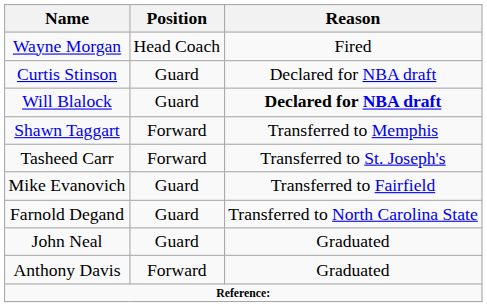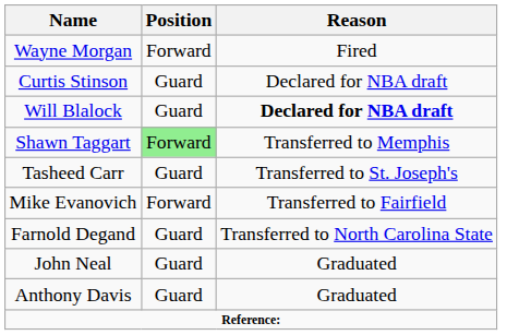 <table class="wikitable" style="text-align: center">
 <tr align=center>
 <th>Name</th>
 <th>Position</th>
 <th>Reason</th>
 </tr>
 <tr>
 <td><a href='#'>Wayne Morgan</a></td>
-<td>Head Coach</td>
+<td>Forward</td>
 <td>Fired</td>
 </tr>
 <tr>
 <td><a href='#'>Curtis Stinson</a></td>
 <td>Guard</td>
 <td>Declared for <a href='#'>NBA draft</a></td>
 </tr>
 <tr>
 <td><a href='#'>Will Blalock</a></td>
 <td>Guard</td>
 <td><strong>Declared for <a href='#'>NBA draft</a></strong></td>
 </tr>
 <tr>
 <td><a href='#'>Shawn Taggart</a></td>
-<td>Forward</td>
+<td style="background: lightgreen;">Forward</td>
 <td>Transferred to <a href='#'>Memphis</a></td>
 </tr>
 <tr>
 <td>Tasheed Carr</td>
-<td>Forward</td>
+<td>Guard</td>
 <td>Transferred to <a href='#'>St. Joseph's</a></td>
 </tr>
 <tr>
 <td>Mike Evanovich</td>
-<td>Guard</td>
+<td>Forward</td>
 <td>Transferred to <a href='#'>Fairfield</a></td>
 </tr>
 <tr>
 <td>Farnold Degand</td>
 <td>Guard</td>
 <td>Transferred to <a href='#'>North Carolina State</a></td>
 </tr>
 <tr>
 <td>John Neal</td>
 <td>Guard</td>
 <td>Graduated</td>
 </tr>
 <tr>
 <td>Anthony Davis</td>
-<td>Forward</td>
+<td>Guard</td>
 <td>Graduated</td>
 </tr>
 <tr>
 <td colspan="6"  style="font-size:8pt; text-align:center;"><strong>Reference:</strong></td>
 </tr>
 </table>
